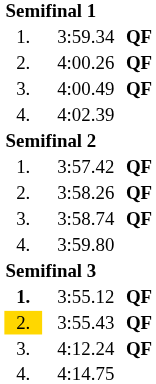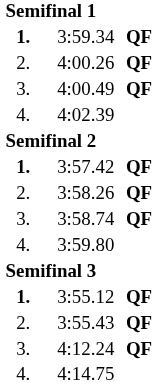 <table style="text-align:center">
 <tr>
 <td colspan=4 align=left><strong>Semifinal 1</strong></td>
 </tr>
 <tr>
-<td width=30>1.</td>
+<td width=30><strong>1.</strong></td>
 <td align=left></td>
 <td width=60>3:59.34</td>
 <td><strong>QF</strong></td>
 </tr>
 <tr>
 <td>2.</td>
 <td align=left></td>
 <td>4:00.26</td>
 <td><strong>QF</strong></td>
 </tr>
 <tr>
 <td>3.</td>
 <td align=left></td>
 <td>4:00.49</td>
 <td><strong>QF</strong></td>
 </tr>
 <tr>
 <td>4.</td>
 <td align=left></td>
 <td>4:02.39</td>
 <td></td>
 </tr>
 <tr>
 <td colspan=4 align=left><strong>Semifinal 2</strong></td>
 </tr>
 <tr>
-<td>1.</td>
+<td><strong>1.</strong></td>
 <td align=left></td>
 <td>3:57.42</td>
 <td><strong>QF</strong></td>
 </tr>
 <tr>
 <td>2.</td>
 <td align=left></td>
 <td>3:58.26</td>
 <td><strong>QF</strong></td>
 </tr>
 <tr>
 <td>3.</td>
 <td align=left></td>
 <td>3:58.74</td>
 <td><strong>QF</strong></td>
 </tr>
 <tr>
 <td>4.</td>
 <td align=left></td>
 <td>3:59.80</td>
 <td></td>
 </tr>
 <tr>
 <td colspan=4 align=left><strong>Semifinal 3</strong></td>
 </tr>
 <tr>
 <td><strong>1.</strong></td>
 <td align=left></td>
 <td>3:55.12</td>
 <td><strong>QF</strong></td>
 </tr>
 <tr>
-<td style="background: gold;">2.</td>
+<td>2.</td>
 <td align=left></td>
 <td>3:55.43</td>
 <td><strong>QF</strong></td>
 </tr>
 <tr>
 <td>3.</td>
 <td align=left></td>
 <td>4:12.24</td>
 <td><strong>QF</strong></td>
 </tr>
 <tr>
 <td>4.</td>
 <td align=left></td>
 <td>4:14.75</td>
 <td></td>
 </tr>
 </table>
